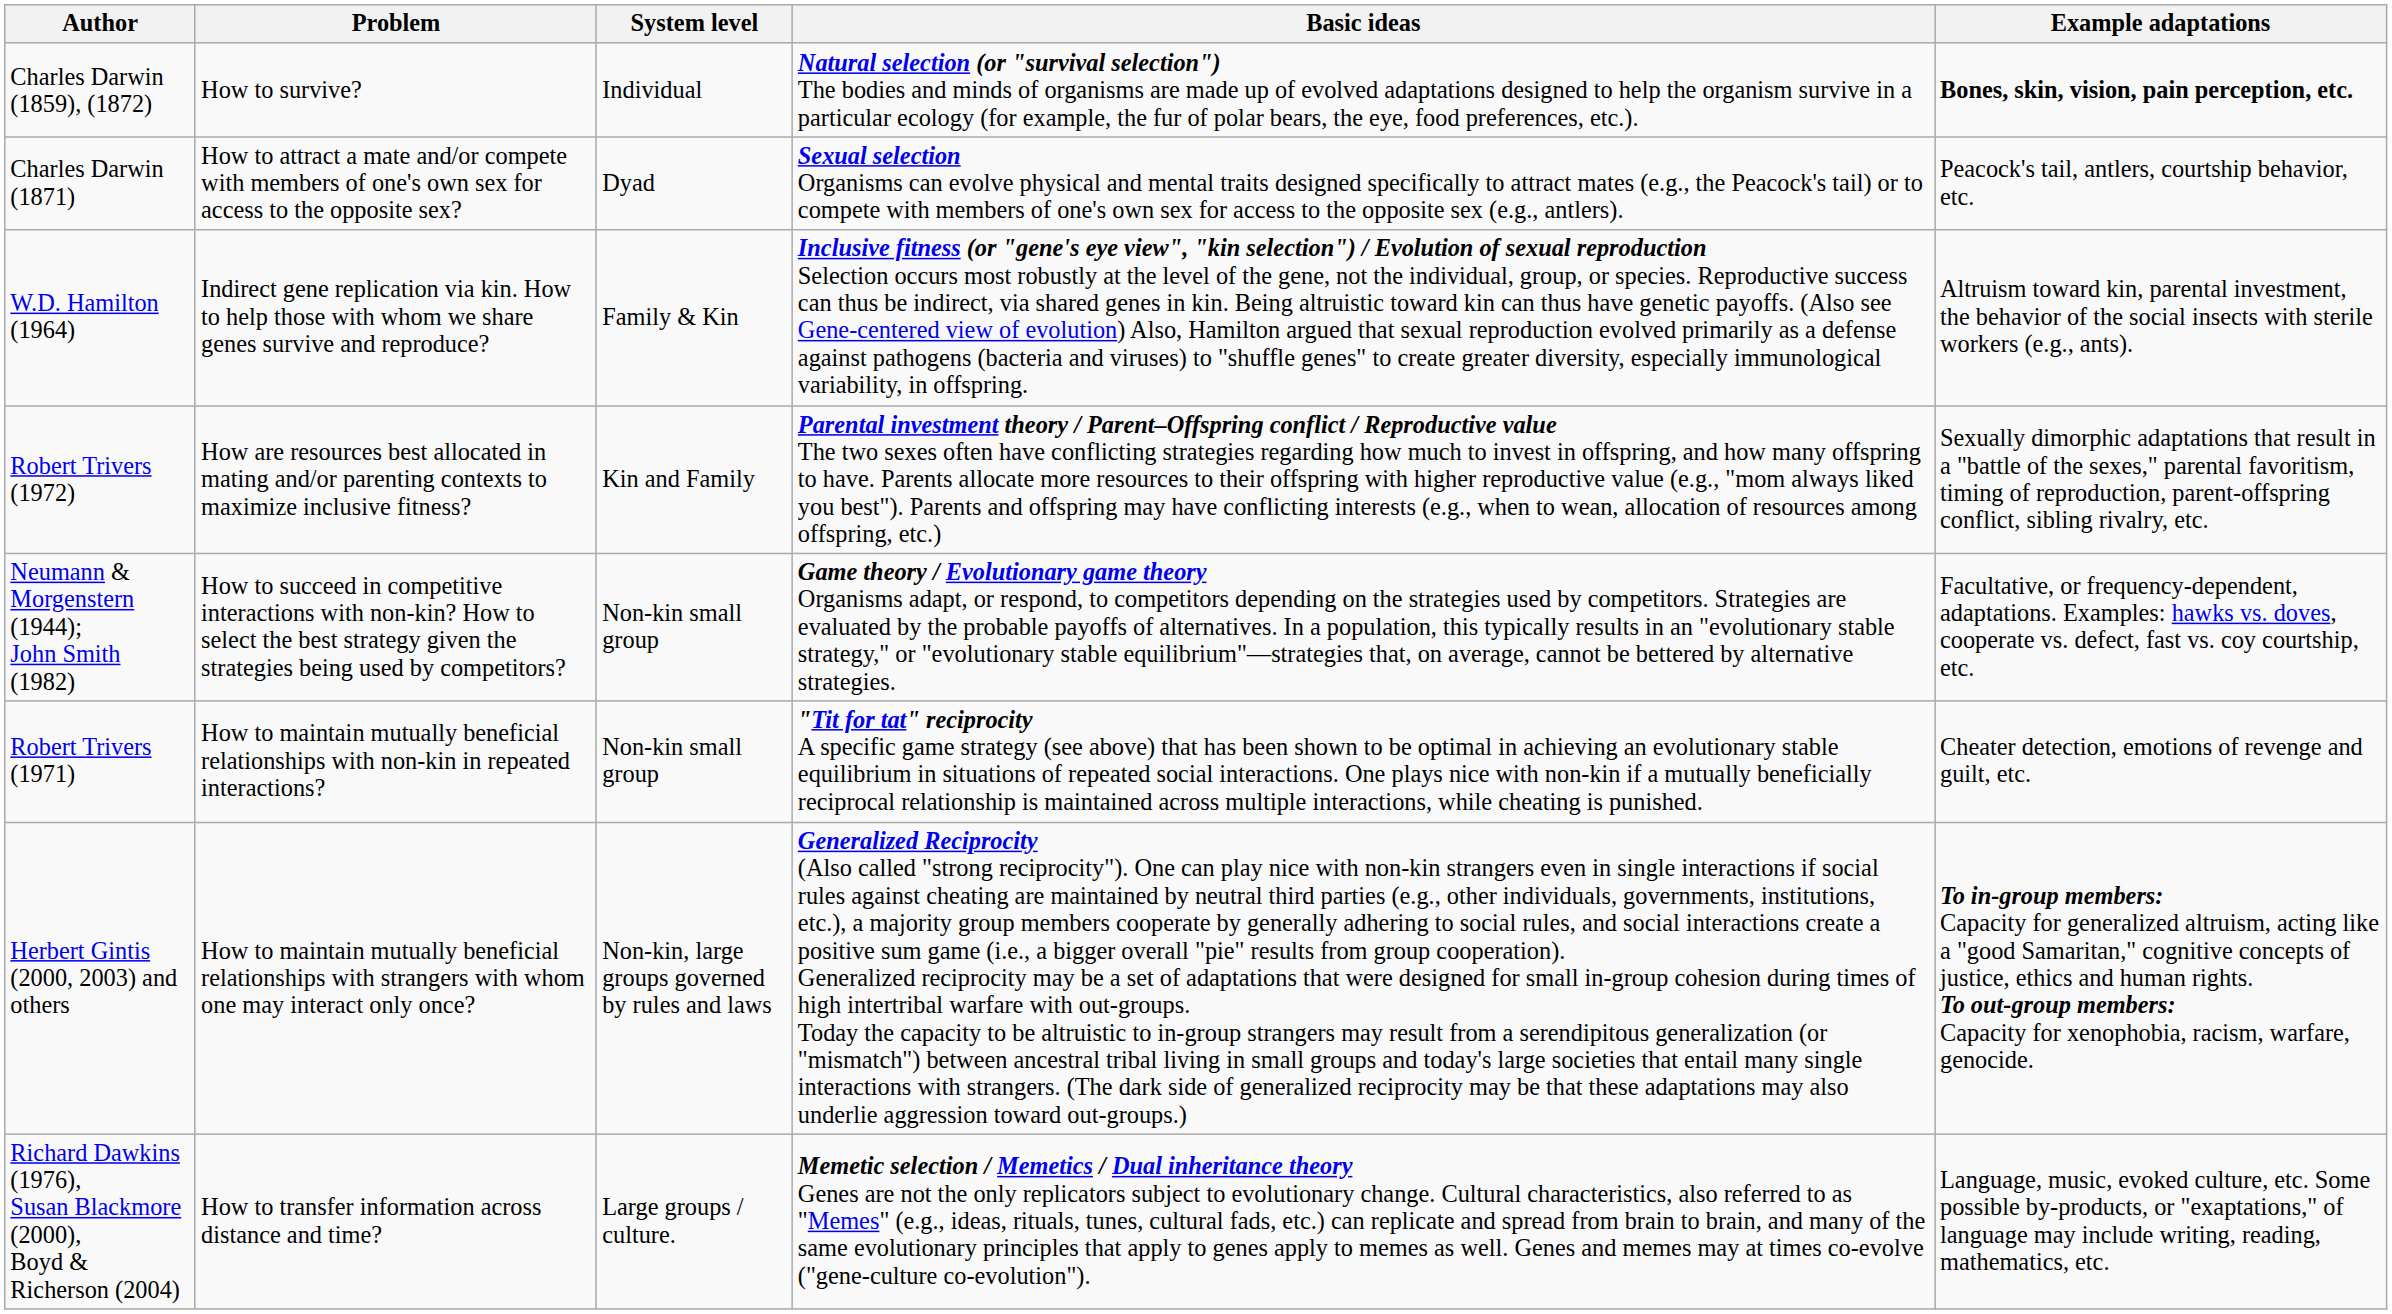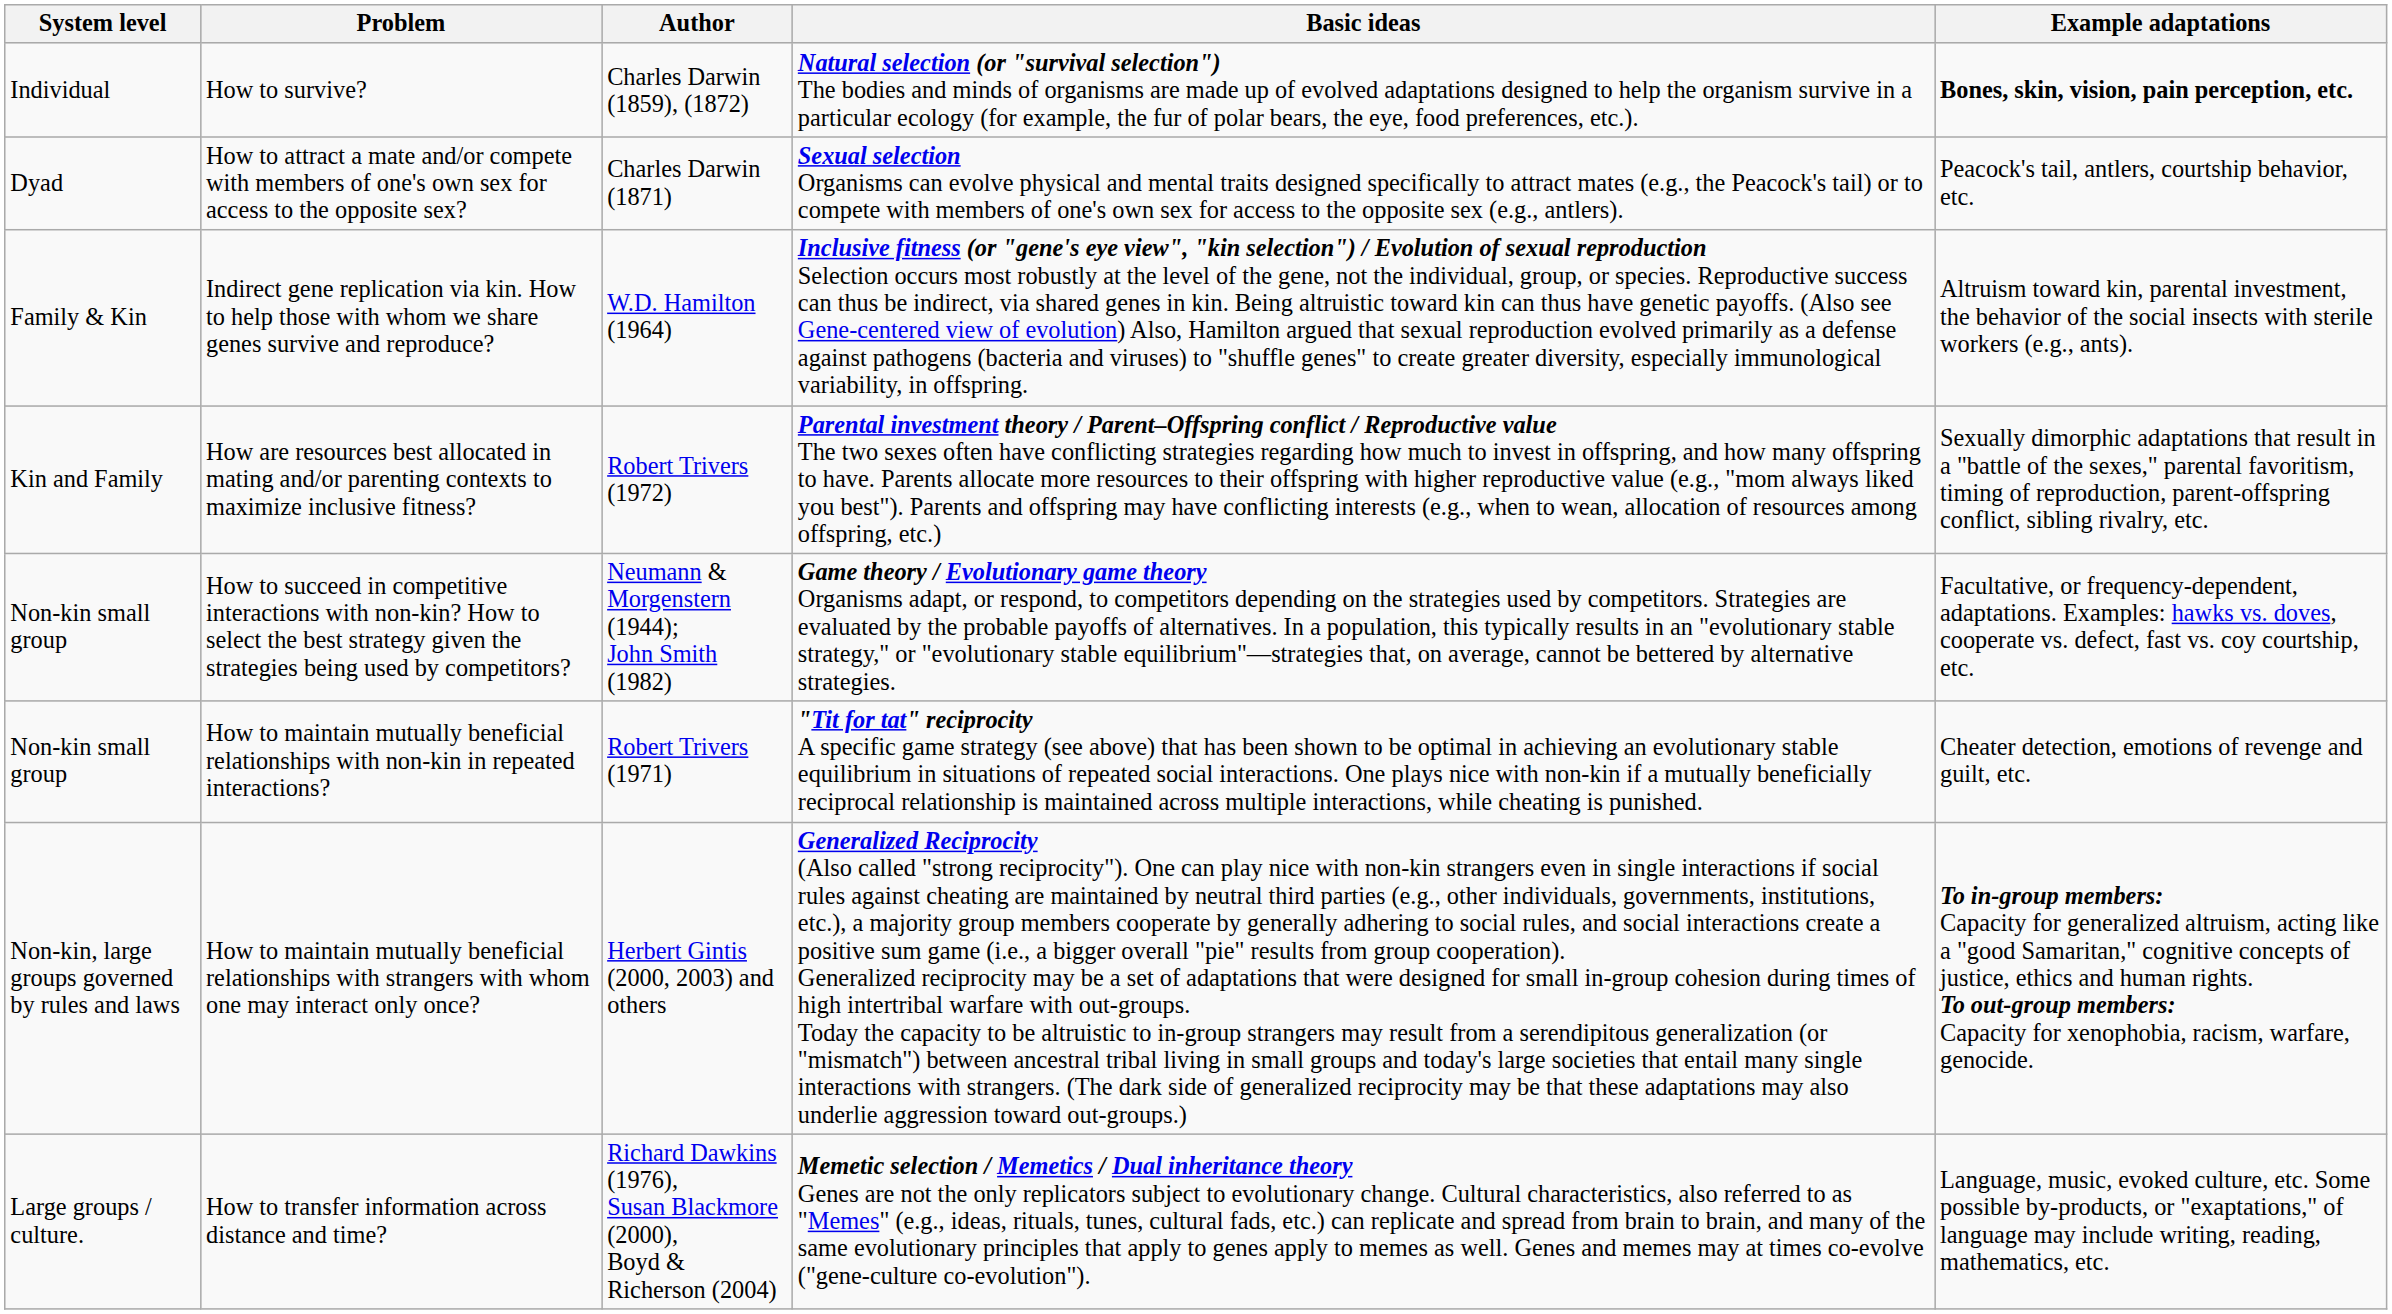 <table class="sortable wikitable">
 <tr>
+<th>System level</th>
+<th>Problem</th>
 <th>Author</th>
-<th>Problem</th>
-<th>System level</th>
 <th>Basic ideas</th>
 <th>Example adaptations</th>
 </tr>
 <tr>
+<td>Individual</td>
+<td>How to survive?</td>
 <td>Charles Darwin (1859), (1872) </td>
-<td>How to survive?</td>
-<td>Individual</td>
 <td><strong><em><a href='#'>Natural selection</a> (or "survival selection")</em></strong><br>The bodies and minds of organisms are made up of evolved adaptations designed to help the organism survive in a particular ecology (for example, the fur of polar bears, the eye, food preferences, etc.).</td>
 <td><strong>Bones, skin, vision, pain perception, etc.</strong></td>
 </tr>
 <tr>
+<td>Dyad</td>
+<td>How to attract a mate and/or compete with members of one's own sex for access to the opposite sex?</td>
 <td>Charles Darwin (1871)</td>
-<td>How to attract a mate and/or compete with members of one's own sex for access to the opposite sex?</td>
-<td>Dyad</td>
 <td><strong><em><a href='#'>Sexual selection</a></em></strong><br>Organisms can evolve physical and mental traits designed specifically to attract mates (e.g., the Peacock's tail) or to compete with members of one's own sex for access to the opposite sex (e.g., antlers).</td>
 <td>Peacock's tail, antlers, courtship behavior, etc.</td>
 </tr>
 <tr>
+<td>Family & Kin</td>
+<td>Indirect gene replication via kin. How to help those with whom we share genes survive and reproduce?</td>
 <td><a href='#'>W.D. Hamilton</a> (1964)</td>
-<td>Indirect gene replication via kin. How to help those with whom we share genes survive and reproduce?</td>
-<td>Family & Kin</td>
 <td><strong><em><a href='#'>Inclusive fitness</a> (or "gene's eye view", "kin selection") / Evolution of sexual reproduction</em></strong><br>Selection occurs most robustly at the level of the gene, not the individual, group, or species. Reproductive success can thus be indirect, via shared genes in kin. Being altruistic toward kin can thus have genetic payoffs. (Also see <a href='#'>Gene-centered view of evolution</a>) Also, Hamilton argued that sexual reproduction evolved primarily as a defense against pathogens (bacteria and viruses) to "shuffle genes" to create greater diversity, especially immunological variability, in offspring.</td>
 <td>Altruism toward kin, parental investment, the behavior of the social insects with sterile workers (e.g., ants).</td>
 </tr>
 <tr>
+<td>Kin and Family</td>
+<td>How are resources best allocated in mating and/or parenting contexts to maximize inclusive fitness?</td>
 <td><a href='#'>Robert Trivers</a> (1972)</td>
-<td>How are resources best allocated in mating and/or parenting contexts to maximize inclusive fitness?</td>
-<td>Kin and Family</td>
 <td><strong><em><a href='#'>Parental investment</a> theory / Parent–Offspring conflict / Reproductive value</em></strong><br>The two sexes often have conflicting strategies regarding how much to invest in offspring, and how many offspring to have. Parents allocate more resources to their offspring with higher reproductive value (e.g., "mom always liked you best"). Parents and offspring may have conflicting interests (e.g., when to wean, allocation of resources among offspring, etc.)</td>
 <td>Sexually dimorphic adaptations that result in a "battle of the sexes," parental favoritism, timing of reproduction, parent-offspring conflict, sibling rivalry, etc.</td>
 </tr>
 <tr>
+<td>Non-kin small group</td>
+<td>How to succeed in competitive interactions with non-kin? How to select the best strategy given the strategies being used by competitors?</td>
 <td><a href='#'>Neumann</a> & <a href='#'>Morgenstern</a> (1944);<br><a href='#'>John Smith</a> (1982)</td>
-<td>How to succeed in competitive interactions with non-kin? How to select the best strategy given the strategies being used by competitors?</td>
-<td>Non-kin small group</td>
 <td><strong><em>Game theory / <a href='#'>Evolutionary game theory</a></em></strong><br>Organisms adapt, or respond, to competitors depending on the strategies used by competitors. Strategies are evaluated by the probable payoffs of alternatives. In a population, this typically results in an "evolutionary stable strategy," or "evolutionary stable equilibrium"—strategies that, on average, cannot be bettered by alternative strategies.</td>
 <td>Facultative, or frequency-dependent, adaptations. Examples: <a href='#'>hawks vs. doves</a>, cooperate vs. defect, fast vs. coy courtship, etc.</td>
 </tr>
 <tr>
+<td>Non-kin small group</td>
+<td>How to maintain mutually beneficial relationships with non-kin in repeated interactions?</td>
 <td><a href='#'>Robert Trivers</a> (1971)</td>
-<td>How to maintain mutually beneficial relationships with non-kin in repeated interactions?</td>
-<td>Non-kin small group</td>
 <td><strong><em>"<a href='#'>Tit for tat</a>" reciprocity</em></strong><br>A specific game strategy (see above) that has been shown to be optimal in achieving an evolutionary stable equilibrium in situations of repeated social interactions. One plays nice with non-kin if a mutually beneficially reciprocal relationship is maintained across multiple interactions, while cheating is punished.</td>
 <td>Cheater detection, emotions of revenge and guilt, etc.</td>
 </tr>
 <tr>
+<td>Non-kin, large groups governed by rules and laws</td>
+<td>How to maintain mutually beneficial relationships with strangers with whom one may interact only once?</td>
 <td><a href='#'>Herbert Gintis</a> (2000, 2003) and others</td>
-<td>How to maintain mutually beneficial relationships with strangers with whom one may interact only once?</td>
-<td>Non-kin, large groups governed by rules and laws</td>
 <td><strong><em><a href='#'>Generalized Reciprocity</a></em></strong><br>(Also called "strong reciprocity"). One can play nice with non-kin strangers even in single interactions if social rules against cheating are maintained by neutral third parties (e.g., other individuals, governments, institutions, etc.), a majority group members cooperate by generally adhering to social rules, and social interactions create a positive sum game (i.e., a bigger overall "pie" results from group cooperation).<br>Generalized reciprocity may be a set of adaptations that were designed for small in-group cohesion during times of high intertribal warfare with out-groups.<br>Today the capacity to be altruistic to in-group strangers may result from a serendipitous generalization (or "mismatch") between ancestral tribal living in small groups and today's large societies that entail many single interactions with strangers. (The dark side of generalized reciprocity may be that these adaptations may also underlie aggression toward out-groups.)</td>
 <td><strong><em>To in-group members:</em></strong><br>Capacity for generalized altruism, acting like a "good Samaritan," cognitive concepts of justice, ethics and human rights.<br><strong><em>To out-group members:</em></strong><br>Capacity for xenophobia, racism, warfare, genocide.</td>
 </tr>
 <tr>
+<td>Large groups / culture.</td>
+<td>How to transfer information across distance and time?</td>
 <td><a href='#'>Richard Dawkins</a> (1976),<br><a href='#'>Susan Blackmore</a> (2000),<br>Boyd & Richerson (2004)</td>
-<td>How to transfer information across distance and time?</td>
-<td>Large groups / culture.</td>
 <td><strong><em>Memetic selection  / <a href='#'>Memetics</a> / <a href='#'>Dual inheritance theory</a></em></strong><br>Genes are not the only replicators subject to evolutionary change. Cultural characteristics, also referred to as "<a href='#'>Memes</a>" (e.g., ideas, rituals, tunes, cultural fads, etc.) can replicate and spread from brain to brain, and many of the same evolutionary principles that apply to genes apply to memes as well. Genes and memes may at times co-evolve ("gene-culture co-evolution").</td>
 <td>Language, music, evoked culture, etc. Some possible by-products, or "exaptations," of language may include writing, reading, mathematics, etc.</td>
 </tr>
 </table>
